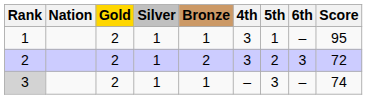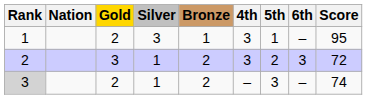 <table class="wikitable sortable" style="text-align:center">
 <tr>
 <th>Rank</th>
 <th>Nation</th>
 <td bgcolor="gold"><strong>Gold</strong></td>
 <td bgcolor="silver"><strong>Silver</strong></td>
 <td bgcolor=cc9966><strong>Bronze</strong></td>
 <th>4th</th>
 <th>5th</th>
 <th>6th</th>
 <th>Score</th>
 </tr>
 <tr>
 <td>1</td>
 <td align=left></td>
 <td>2</td>
-<td>1</td>
+<td>3</td>
 <td>1</td>
 <td>3</td>
 <td>1</td>
 <td>–</td>
 <td>95</td>
 </tr>
 <tr style="background-color:#ccccff">
 <td>2</td>
 <td align=left></td>
-<td>2</td>
+<td>3</td>
 <td>1</td>
 <td>2</td>
 <td>3</td>
 <td>2</td>
 <td>3</td>
 <td>72</td>
 </tr>
 <tr>
 <td style="background: lightgrey;">3</td>
 <td align=left></td>
 <td>2</td>
 <td>1</td>
-<td>1</td>
+<td>2</td>
 <td>–</td>
 <td>3</td>
 <td>–</td>
 <td>74</td>
 </tr>
 </table>
